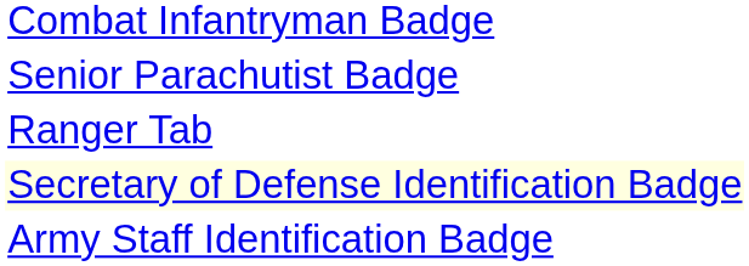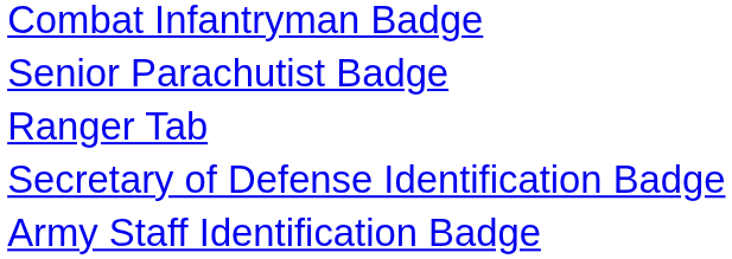 <table>
 <tr>
 <td> <a href='#'>Combat Infantryman Badge</a></td>
 </tr>
 <tr>
 <td> <a href='#'>Senior Parachutist Badge</a></td>
 </tr>
 <tr>
 <td> <a href='#'>Ranger Tab</a></td>
 </tr>
 <tr>
-<td style="background: lightyellow;"> <a href='#'>Secretary of Defense Identification Badge</a></td>
+<td> <a href='#'>Secretary of Defense Identification Badge</a></td>
 </tr>
 <tr>
 <td> <a href='#'>Army Staff Identification Badge</a></td>
 </tr>
 </table>
